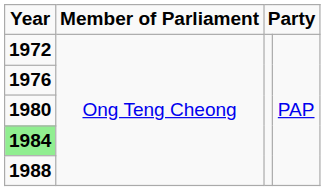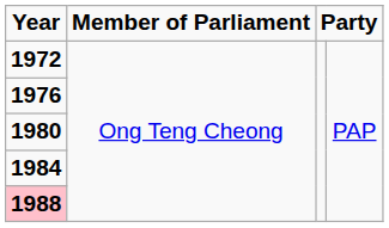 <table class="wikitable" align="center" style="text-align:center">
 <tr>
 <td><strong>Year</strong></td>
 <td><strong>Member of Parliament</strong></td>
 <td colspan="2"><strong>Party</strong></td>
 </tr>
 <tr>
 <td><strong>1972</strong></td>
 <td rowspan="5"><a href='#'>Ong Teng Cheong</a></td>
 <td rowspan="5"></td>
 <td rowspan="5"><a href='#'>PAP</a></td>
 </tr>
 <tr>
 <td><strong>1976</strong></td>
 </tr>
 <tr>
 <td><strong>1980</strong></td>
 </tr>
 <tr>
-<td style="background: lightgreen;"><strong>1984</strong></td>
+<td><strong>1984</strong></td>
 </tr>
 <tr>
-<td><strong>1988</strong></td>
+<td style="background: pink;"><strong>1988</strong></td>
 </tr>
 </table>
